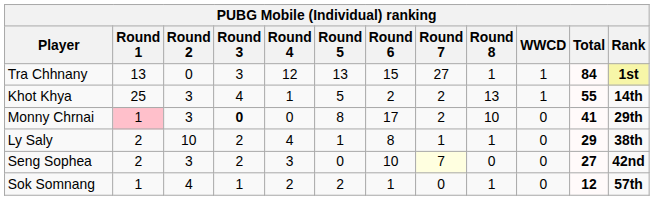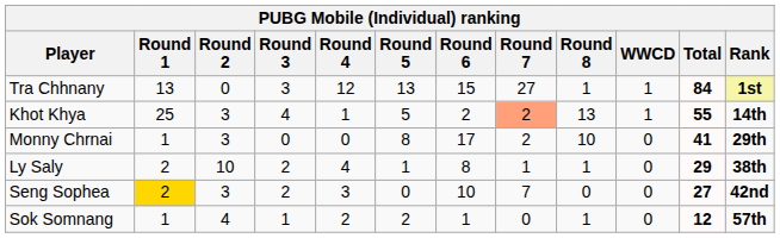 <table class="wikitable sortable" style="font-size:85%;float:center;text-align:center">
 <tr>
 <th colspan=12><strong>PUBG Mobile (Individual) ranking</strong></th>
 </tr>
 <tr>
 <th width=100>Player</th>
 <th scope="col" width=30>Round 1</th>
 <th scope="col" width=30>Round 2</th>
 <th scope="col" width=30>Round 3</th>
 <th scope="col" width=30>Round 4</th>
 <th scope="col" width=30>Round 5</th>
 <th scope="col" width=30>Round 6</th>
 <th scope="col" width=30>Round 7</th>
 <th scope="col" width=30>Round 8</th>
 <th scope="col" width=30>WWCD</th>
 <th scope="col" width=30>Total</th>
 <th scope="col" width=30>Rank</th>
 </tr>
 <tr>
 <td align="left">Tra Chhnany</td>
 <td>13</td>
 <td>0</td>
 <td>3</td>
 <td>12</td>
 <td>13</td>
 <td>15</td>
 <td>27</td>
 <td>1</td>
 <td>1</td>
 <td style="background:#FFFAFA;"><strong>84</strong></td>
 <td style="background:#F7F6A8;"><strong>1st</strong></td>
 </tr>
 <tr>
 <td align="left">Khot Khya</td>
 <td>25</td>
 <td>3</td>
 <td>4</td>
 <td>1</td>
 <td>5</td>
 <td>2</td>
-<td>2</td>
+<td style="background: lightsalmon;">2</td>
 <td>13</td>
 <td>1</td>
 <td style="background:#FFFAFA;"><strong>55</strong></td>
 <td><strong>14th</strong></td>
 </tr>
 <tr>
 <td align="left">Monny Chrnai</td>
-<td style="background: pink;">1</td>
+<td>1</td>
 <td>3</td>
-<td><strong>0</strong></td>
+<td>0</td>
 <td>0</td>
 <td>8</td>
 <td>17</td>
 <td>2</td>
 <td>10</td>
 <td>0</td>
 <td style="background:#FFFAFA;"><strong>41</strong></td>
 <td><strong>29th</strong></td>
 </tr>
 <tr>
 <td align="left">Ly Saly</td>
 <td>2</td>
 <td>10</td>
 <td>2</td>
 <td>4</td>
 <td>1</td>
 <td>8</td>
 <td>1</td>
 <td>1</td>
 <td>0</td>
 <td style="background:#FFFAFA;"><strong>29</strong></td>
 <td><strong>38th</strong></td>
 </tr>
 <tr>
 <td align="left">Seng Sophea</td>
-<td>2</td>
+<td style="background: gold;">2</td>
 <td>3</td>
 <td>2</td>
 <td>3</td>
 <td>0</td>
 <td>10</td>
-<td style="background: lightyellow;">7</td>
+<td>7</td>
 <td>0</td>
 <td>0</td>
 <td style="background:#FFFAFA;"><strong>27</strong></td>
 <td><strong>42nd</strong></td>
 </tr>
 <tr>
 <td align="left">Sok Somnang</td>
 <td>1</td>
 <td>4</td>
 <td>1</td>
 <td>2</td>
 <td>2</td>
 <td>1</td>
 <td>0</td>
 <td>1</td>
 <td>0</td>
 <td style="background:#FFFAFA;"><strong>12</strong></td>
 <td><strong>57th</strong></td>
 </tr>
 </table>
